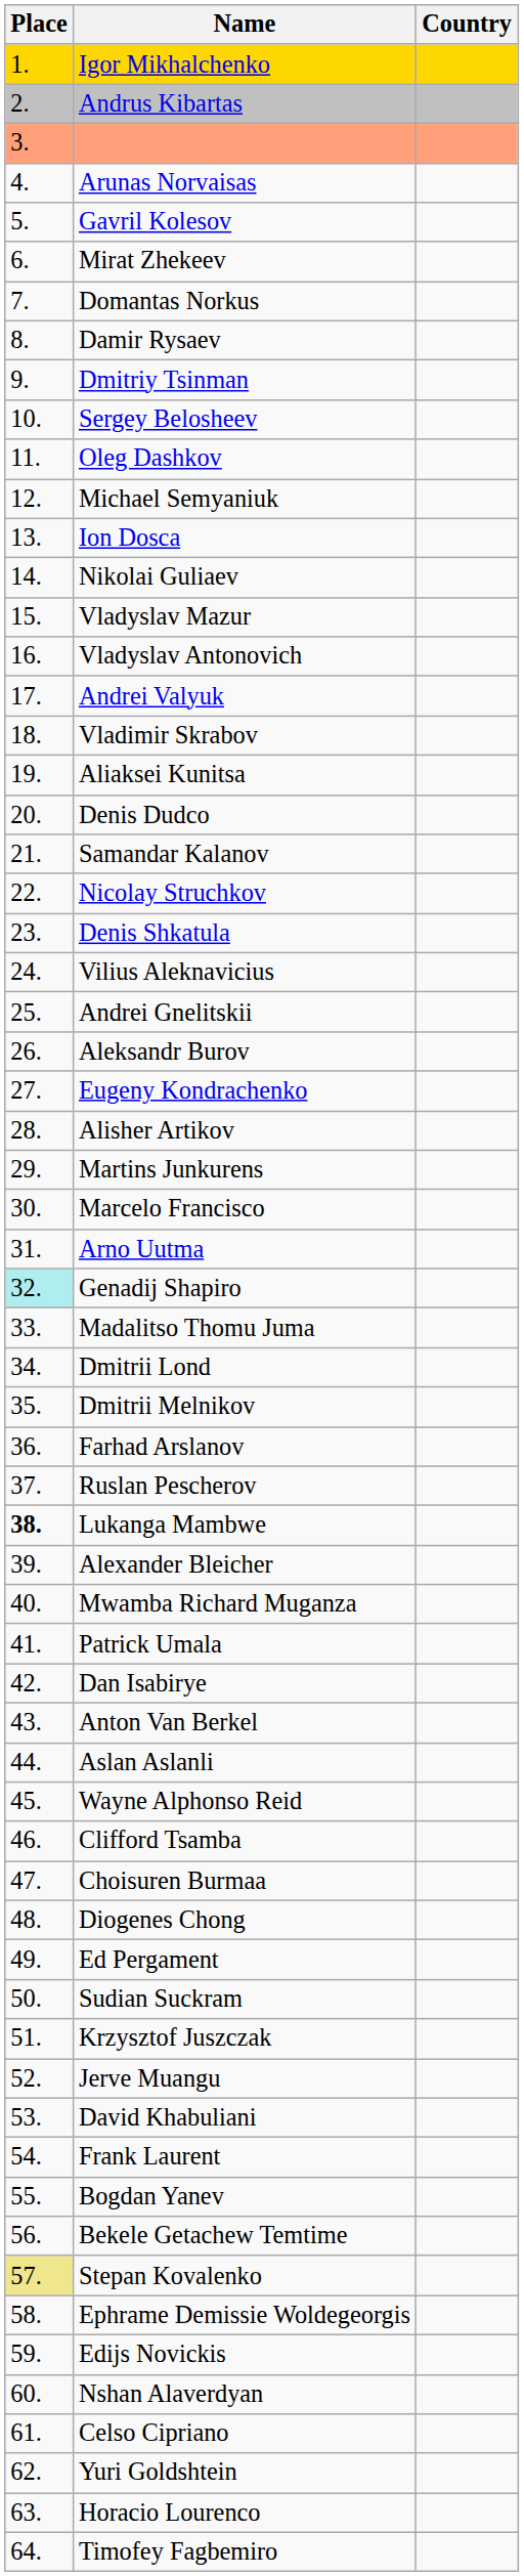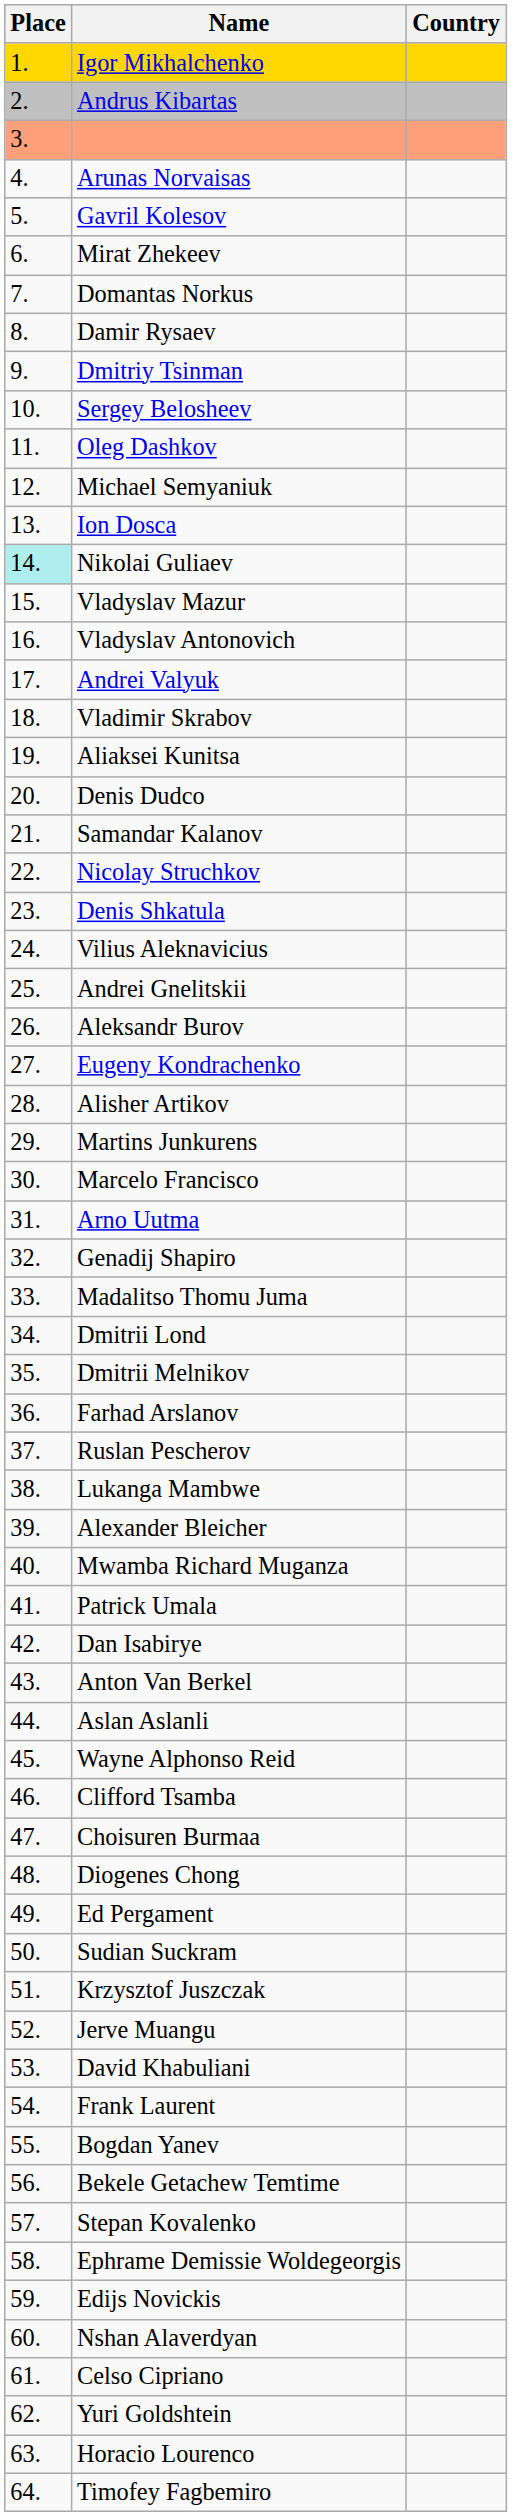 <table class="wikitable">
 <tr>
 <th>Place</th>
 <th>Name</th>
 <th>Country</th>
 </tr>
 <tr bgcolor="gold">
 <td>1.</td>
 <td><a href='#'>Igor Mikhalchenko</a></td>
 <td></td>
 </tr>
 <tr bgcolor="silver">
 <td>2.</td>
 <td><a href='#'>Andrus Kibartas</a></td>
 <td></td>
 </tr>
 <tr bgcolor="lightsalmon">
 <td>3.</td>
 <td></td>
 <td></td>
 </tr>
 <tr>
 <td>4.</td>
 <td><a href='#'>Arunas Norvaisas</a></td>
 <td></td>
 </tr>
 <tr>
 <td>5.</td>
 <td><a href='#'>Gavril Kolesov</a></td>
 <td></td>
 </tr>
 <tr>
 <td>6.</td>
 <td>Mirat Zhekeev</td>
 <td></td>
 </tr>
 <tr>
 <td>7.</td>
 <td>Domantas Norkus</td>
 <td></td>
 </tr>
 <tr>
 <td>8.</td>
 <td>Damir Rysaev</td>
 <td></td>
 </tr>
 <tr>
 <td>9.</td>
 <td><a href='#'>Dmitriy Tsinman</a></td>
 <td></td>
 </tr>
 <tr>
 <td>10.</td>
 <td><a href='#'>Sergey Belosheev</a></td>
 <td></td>
 </tr>
 <tr>
 <td>11.</td>
 <td><a href='#'>Oleg Dashkov</a></td>
 <td></td>
 </tr>
 <tr>
 <td>12.</td>
 <td>Michael Semyaniuk</td>
 <td></td>
 </tr>
 <tr>
 <td>13.</td>
 <td><a href='#'>Ion Dosca</a></td>
 <td></td>
 </tr>
 <tr>
-<td>14.</td>
+<td style="background: paleturquoise;">14.</td>
 <td>Nikolai Guliaev</td>
 <td></td>
 </tr>
 <tr>
 <td>15.</td>
 <td>Vladyslav Mazur</td>
 <td></td>
 </tr>
 <tr>
 <td>16.</td>
 <td>Vladyslav Antonovich</td>
 <td></td>
 </tr>
 <tr>
 <td>17.</td>
 <td><a href='#'>Andrei Valyuk</a></td>
 <td></td>
 </tr>
 <tr>
 <td>18.</td>
 <td>Vladimir Skrabov</td>
 <td></td>
 </tr>
 <tr>
 <td>19.</td>
 <td>Aliaksei Kunitsa</td>
 <td></td>
 </tr>
 <tr>
 <td>20.</td>
 <td>Denis Dudco</td>
 <td></td>
 </tr>
 <tr>
 <td>21.</td>
 <td>Samandar Kalanov</td>
 <td></td>
 </tr>
 <tr>
 <td>22.</td>
 <td><a href='#'>Nicolay Struchkov</a></td>
 <td></td>
 </tr>
 <tr>
 <td>23.</td>
 <td><a href='#'>Denis Shkatula</a></td>
 <td></td>
 </tr>
 <tr>
 <td>24.</td>
 <td>Vilius Aleknavicius</td>
 <td></td>
 </tr>
 <tr>
 <td>25.</td>
 <td>Andrei Gnelitskii</td>
 <td></td>
 </tr>
 <tr>
 <td>26.</td>
 <td>Aleksandr Burov</td>
 <td></td>
 </tr>
 <tr>
 <td>27.</td>
 <td><a href='#'>Eugeny Kondrachenko</a></td>
 <td></td>
 </tr>
 <tr>
 <td>28.</td>
 <td>Alisher Artikov</td>
 <td></td>
 </tr>
 <tr>
 <td>29.</td>
 <td>Martins Junkurens</td>
 <td></td>
 </tr>
 <tr>
 <td>30.</td>
 <td>Marcelo Francisco</td>
 <td></td>
 </tr>
 <tr>
 <td>31.</td>
 <td><a href='#'>Arno Uutma</a></td>
 <td></td>
 </tr>
 <tr>
-<td style="background: paleturquoise;">32.</td>
+<td>32.</td>
 <td>Genadij Shapiro</td>
 <td></td>
 </tr>
 <tr>
 <td>33.</td>
 <td>Madalitso Thomu Juma</td>
 <td></td>
 </tr>
 <tr>
 <td>34.</td>
 <td>Dmitrii Lond</td>
 <td></td>
 </tr>
 <tr>
 <td>35.</td>
 <td>Dmitrii Melnikov</td>
 <td></td>
 </tr>
 <tr>
 <td>36.</td>
 <td>Farhad Arslanov</td>
 <td></td>
 </tr>
 <tr>
 <td>37.</td>
 <td>Ruslan Pescherov</td>
 <td></td>
 </tr>
 <tr>
-<td><strong>38.</strong></td>
+<td>38.</td>
 <td>Lukanga Mambwe</td>
 <td></td>
 </tr>
 <tr>
 <td>39.</td>
 <td>Alexander Bleicher</td>
 <td></td>
 </tr>
 <tr>
 <td>40.</td>
 <td>Mwamba Richard Muganza</td>
 <td></td>
 </tr>
 <tr>
 <td>41.</td>
 <td>Patrick Umala</td>
 <td></td>
 </tr>
 <tr>
 <td>42.</td>
 <td>Dan Isabirye</td>
 <td></td>
 </tr>
 <tr>
 <td>43.</td>
 <td>Anton Van Berkel</td>
 <td></td>
 </tr>
 <tr>
 <td>44.</td>
 <td>Aslan Aslanli</td>
 <td></td>
 </tr>
 <tr>
 <td>45.</td>
 <td>Wayne Alphonso Reid</td>
 <td></td>
 </tr>
 <tr>
 <td>46.</td>
 <td>Clifford Tsamba</td>
 <td></td>
 </tr>
 <tr>
 <td>47.</td>
 <td>Choisuren Burmaa</td>
 <td></td>
 </tr>
 <tr>
 <td>48.</td>
 <td>Diogenes Chong</td>
 <td></td>
 </tr>
 <tr>
 <td>49.</td>
 <td>Ed Pergament</td>
 <td></td>
 </tr>
 <tr>
 <td>50.</td>
 <td>Sudian Suckram</td>
 <td></td>
 </tr>
 <tr>
 <td>51.</td>
 <td>Krzysztof Juszczak</td>
 <td></td>
 </tr>
 <tr>
 <td>52.</td>
 <td>Jerve Muangu</td>
 <td></td>
 </tr>
 <tr>
 <td>53.</td>
 <td>David Khabuliani</td>
 <td></td>
 </tr>
 <tr>
 <td>54.</td>
 <td>Frank Laurent</td>
 <td></td>
 </tr>
 <tr>
 <td>55.</td>
 <td>Bogdan Yanev</td>
 <td></td>
 </tr>
 <tr>
 <td>56.</td>
 <td>Bekele Getachew Temtime</td>
 <td></td>
 </tr>
 <tr>
-<td style="background: khaki;">57.</td>
+<td>57.</td>
 <td>Stepan Kovalenko</td>
 <td></td>
 </tr>
 <tr>
 <td>58.</td>
 <td>Ephrame Demissie Woldegeorgis</td>
 <td></td>
 </tr>
 <tr>
 <td>59.</td>
 <td>Edijs Novickis</td>
 <td></td>
 </tr>
 <tr>
 <td>60.</td>
 <td>Nshan Alaverdyan</td>
 <td></td>
 </tr>
 <tr>
 <td>61.</td>
 <td>Celso Cipriano</td>
 <td></td>
 </tr>
 <tr>
 <td>62.</td>
 <td>Yuri Goldshtein</td>
 <td></td>
 </tr>
 <tr>
 <td>63.</td>
 <td>Horacio Lourenco</td>
 <td></td>
 </tr>
 <tr>
 <td>64.</td>
 <td>Timofey Fagbemiro</td>
 <td></td>
 </tr>
 </table>
